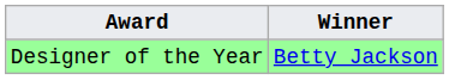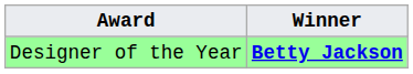 <table class="wikitable">
 <tr>
 <th style="background:#EAECF0">Award</th>
 <th style="background:#EAECF0">Winner</th>
 </tr>
 <tr>
 <td style="background:#99ff99">Designer of the Year</td>
-<td style="background:#99ff99"><a href='#'>Betty Jackson</a></td>
+<td style="background:#99ff99"><strong><a href='#'>Betty Jackson</a></strong></td>
 </tr>
 </table>
